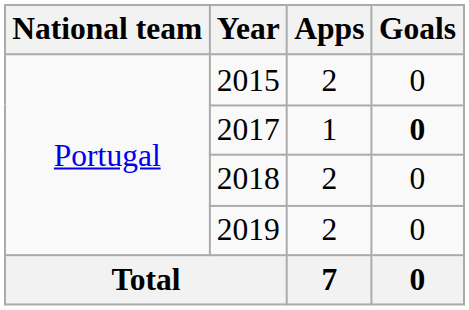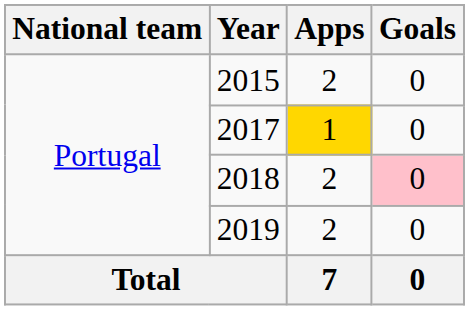 <table class="wikitable" style="text-align:center">
 <tr>
 <th>National team</th>
 <th>Year</th>
 <th>Apps</th>
 <th>Goals</th>
 </tr>
 <tr>
 <td rowspan=4><a href='#'>Portugal</a></td>
 <td>2015</td>
 <td>2</td>
 <td>0</td>
 </tr>
 <tr>
 <td>2017</td>
-<td>1</td>
-<td><strong>0</strong></td>
+<td style="background: gold;">1</td>
+<td>0</td>
 </tr>
 <tr>
 <td>2018</td>
 <td>2</td>
-<td>0</td>
+<td style="background: pink;">0</td>
 </tr>
 <tr>
 <td>2019</td>
 <td>2</td>
 <td>0</td>
 </tr>
 <tr>
 <th colspan=2>Total</th>
 <th>7</th>
 <th>0</th>
 </tr>
 </table>
